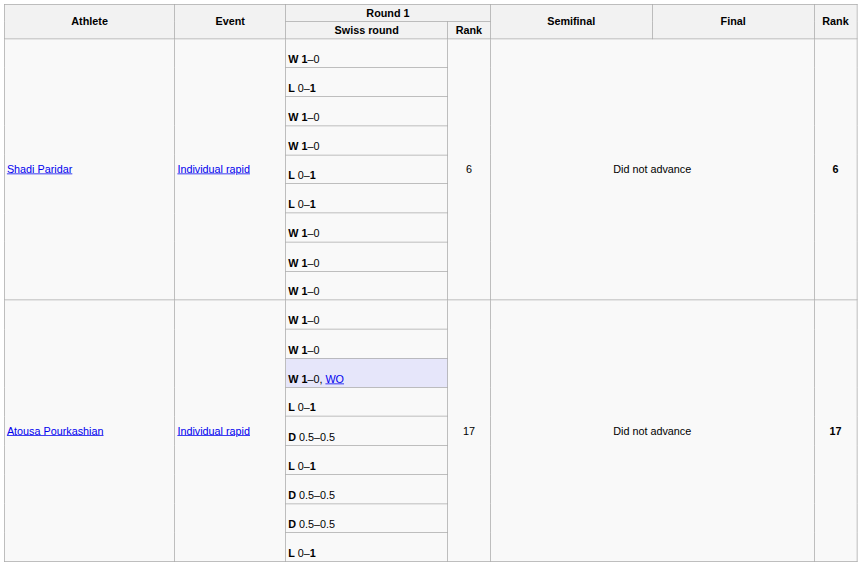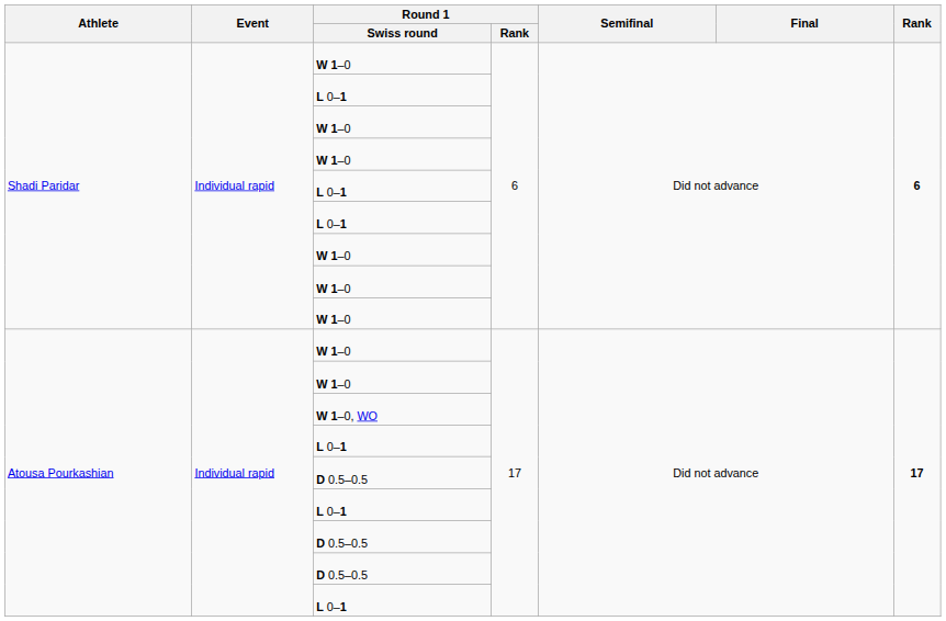 <table class="wikitable" width="90%" style="text-align:left; font-size:90%">
 <tr>
 <th rowspan="2" width="20%">Athlete</th>
 <th rowspan="2" width="13%">Event</th>
 <th colspan="2">Round 1</th>
 <th rowspan="2" width="19%">Semifinal</th>
 <th rowspan="2" width="19%">Final</th>
 <th rowspan="2" width="5%">Rank</th>
 </tr>
 <tr>
 <th width="19%">Swiss round</th>
 <th width="5%">Rank</th>
 </tr>
 <tr>
 <td rowspan="9"><a href='#'>Shadi Paridar</a></td>
 <td rowspan="9"><a href='#'>Individual rapid</a></td>
 <td><br><strong>W</strong> <strong>1</strong>–0</td>
 <td rowspan="9" align=center>6</td>
 <td rowspan="9" colspan=2 align=center>Did not advance</td>
 <td rowspan="9" align="center"><strong>6</strong></td>
 </tr>
 <tr>
 <td><br><strong>L</strong> 0–<strong>1</strong></td>
 </tr>
 <tr>
 <td><br><strong>W</strong> <strong>1</strong>–0</td>
 </tr>
 <tr>
 <td><br><strong>W</strong> <strong>1</strong>–0</td>
 </tr>
 <tr>
 <td><br><strong>L</strong> 0–<strong>1</strong></td>
 </tr>
 <tr>
 <td><br><strong>L</strong> 0–<strong>1</strong></td>
 </tr>
 <tr>
 <td><br><strong>W</strong> <strong>1</strong>–0</td>
 </tr>
 <tr>
 <td><br><strong>W</strong> <strong>1</strong>–0</td>
 </tr>
 <tr>
 <td><br><strong>W</strong> <strong>1</strong>–0</td>
 </tr>
 <tr>
 <td rowspan="9"><a href='#'>Atousa Pourkashian</a></td>
 <td rowspan="9"><a href='#'>Individual rapid</a></td>
 <td><br><strong>W</strong> <strong>1</strong>–0</td>
 <td rowspan="9" align=center>17</td>
 <td rowspan="9" colspan=2 align=center>Did not advance</td>
 <td rowspan="9" align="center"><strong>17</strong></td>
 </tr>
 <tr>
 <td><br><strong>W</strong> <strong>1</strong>–0</td>
 </tr>
 <tr>
-<td style="background: lavender;"><br><strong>W</strong> <strong>1</strong>–0, <a href='#'>WO</a></td>
+<td><br><strong>W</strong> <strong>1</strong>–0, <a href='#'>WO</a></td>
 </tr>
 <tr>
 <td><br><strong>L</strong> 0–<strong>1</strong></td>
 </tr>
 <tr>
 <td><br><strong>D</strong> 0.5–0.5</td>
 </tr>
 <tr>
 <td><br><strong>L</strong> 0–<strong>1</strong></td>
 </tr>
 <tr>
 <td><br><strong>D</strong> 0.5–0.5</td>
 </tr>
 <tr>
 <td><br><strong>D</strong> 0.5–0.5</td>
 </tr>
 <tr>
 <td><br><strong>L</strong> 0–<strong>1</strong></td>
 </tr>
 </table>
